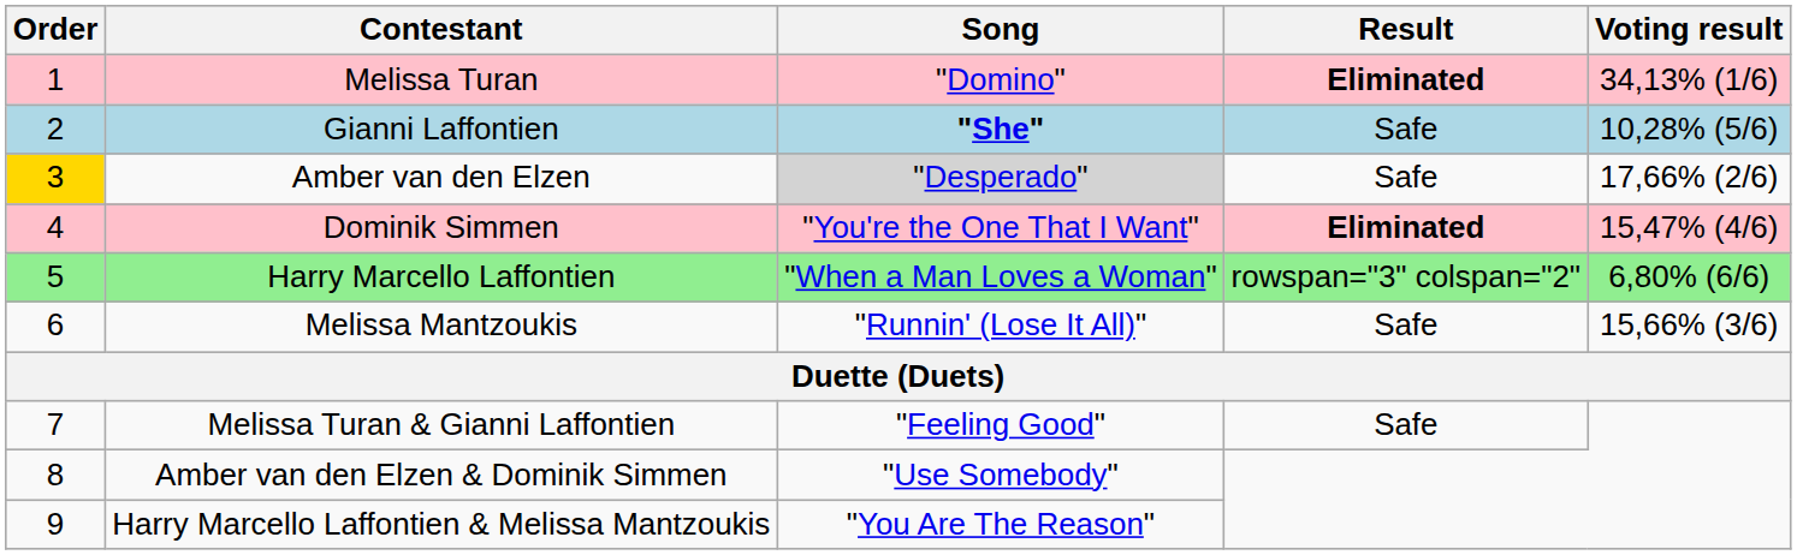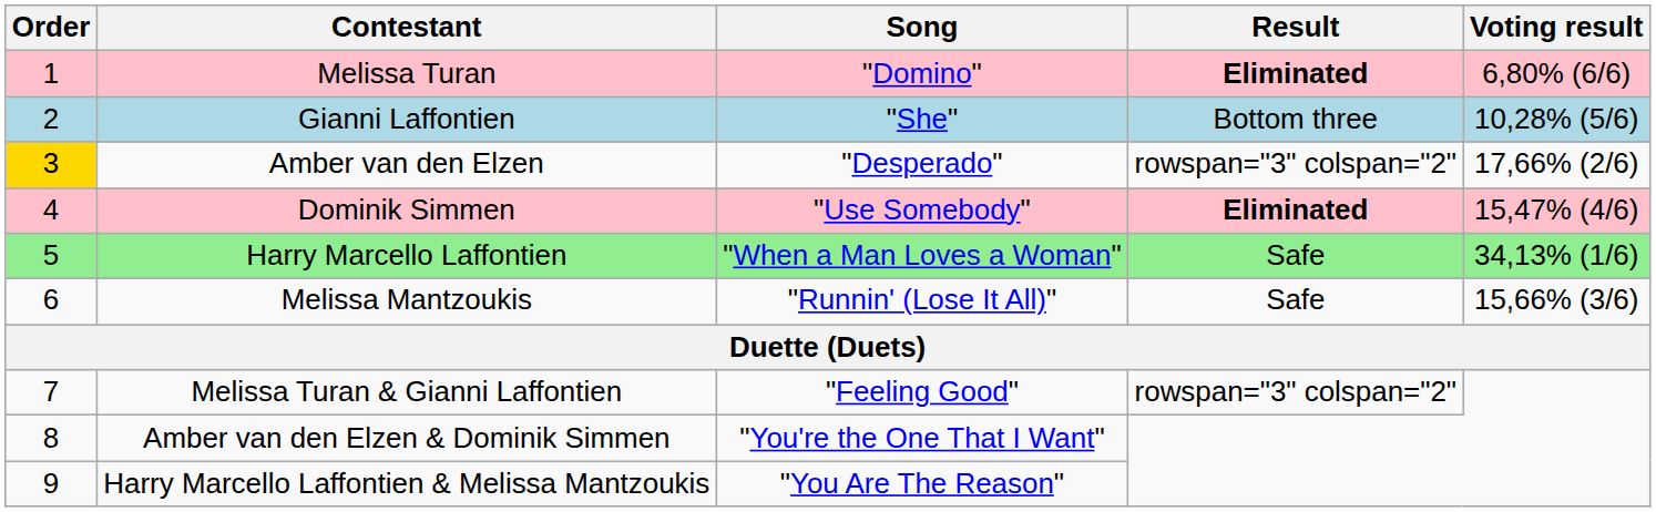 <table class="wikitable" style="text-align:center;">
 <tr>
 <th>Order</th>
 <th>Contestant</th>
 <th>Song</th>
 <th>Result</th>
 <th>Voting result</th>
 </tr>
 <tr bgcolor="pink">
 <td>1</td>
 <td>Melissa Turan</td>
 <td>"<a href='#'>Domino</a>"</td>
 <td><strong>Eliminated</strong></td>
-<td>34,13% (1/6)</td>
+<td>6,80%  (6/6)</td>
 </tr>
 <tr bgcolor="Lightblue">
 <td>2</td>
 <td>Gianni Laffontien</td>
-<td><strong>"<a href='#'>She</a>"</strong></td>
-<td>Safe</td>
+<td>"<a href='#'>She</a>"</td>
+<td>Bottom three</td>
 <td>10,28% (5/6)</td>
 </tr>
 <tr>
 <td style="background: gold;">3</td>
 <td>Amber van den Elzen</td>
-<td style="background: lightgrey;">"<a href='#'>Desperado</a>"</td>
-<td>Safe</td>
+<td>"<a href='#'>Desperado</a>"</td>
+<td>rowspan="3" colspan="2" </td>
 <td>17,66% (2/6)</td>
 </tr>
 <tr bgcolor="pink">
 <td>4</td>
 <td>Dominik Simmen</td>
-<td>"<a href='#'>You're the One That I Want</a>"</td>
+<td>"<a href='#'>Use Somebody</a>"</td>
 <td><strong>Eliminated</strong></td>
 <td>15,47%  (4/6)</td>
 </tr>
 <tr bgcolor="lightgreen">
 <td>5</td>
 <td>Harry Marcello Laffontien</td>
 <td>"<a href='#'>When a Man Loves a Woman</a>"</td>
-<td>rowspan="3" colspan="2" </td>
-<td>6,80%  (6/6)</td>
+<td>Safe</td>
+<td>34,13% (1/6)</td>
 </tr>
 <tr>
 <td>6</td>
 <td>Melissa Mantzoukis</td>
 <td>"<a href='#'>Runnin' (Lose It All)</a>"</td>
 <td>Safe</td>
 <td>15,66% (3/6)</td>
 </tr>
 <tr>
 <th colspan="5">Duette (Duets)</th>
 </tr>
 <tr>
 <td>7</td>
 <td>Melissa Turan & Gianni Laffontien</td>
 <td>"<a href='#'>Feeling Good</a>"</td>
-<td>Safe</td>
+<td>rowspan="3" colspan="2" </td>
 </tr>
 <tr>
 <td>8</td>
 <td>Amber van den Elzen & Dominik Simmen</td>
-<td>"<a href='#'>Use Somebody</a>"</td>
+<td>"<a href='#'>You're the One That I Want</a>"</td>
 </tr>
 <tr>
 <td>9</td>
 <td>Harry Marcello Laffontien & Melissa Mantzoukis</td>
 <td>"<a href='#'>You Are The Reason</a>"</td>
 </tr>
 </table>
